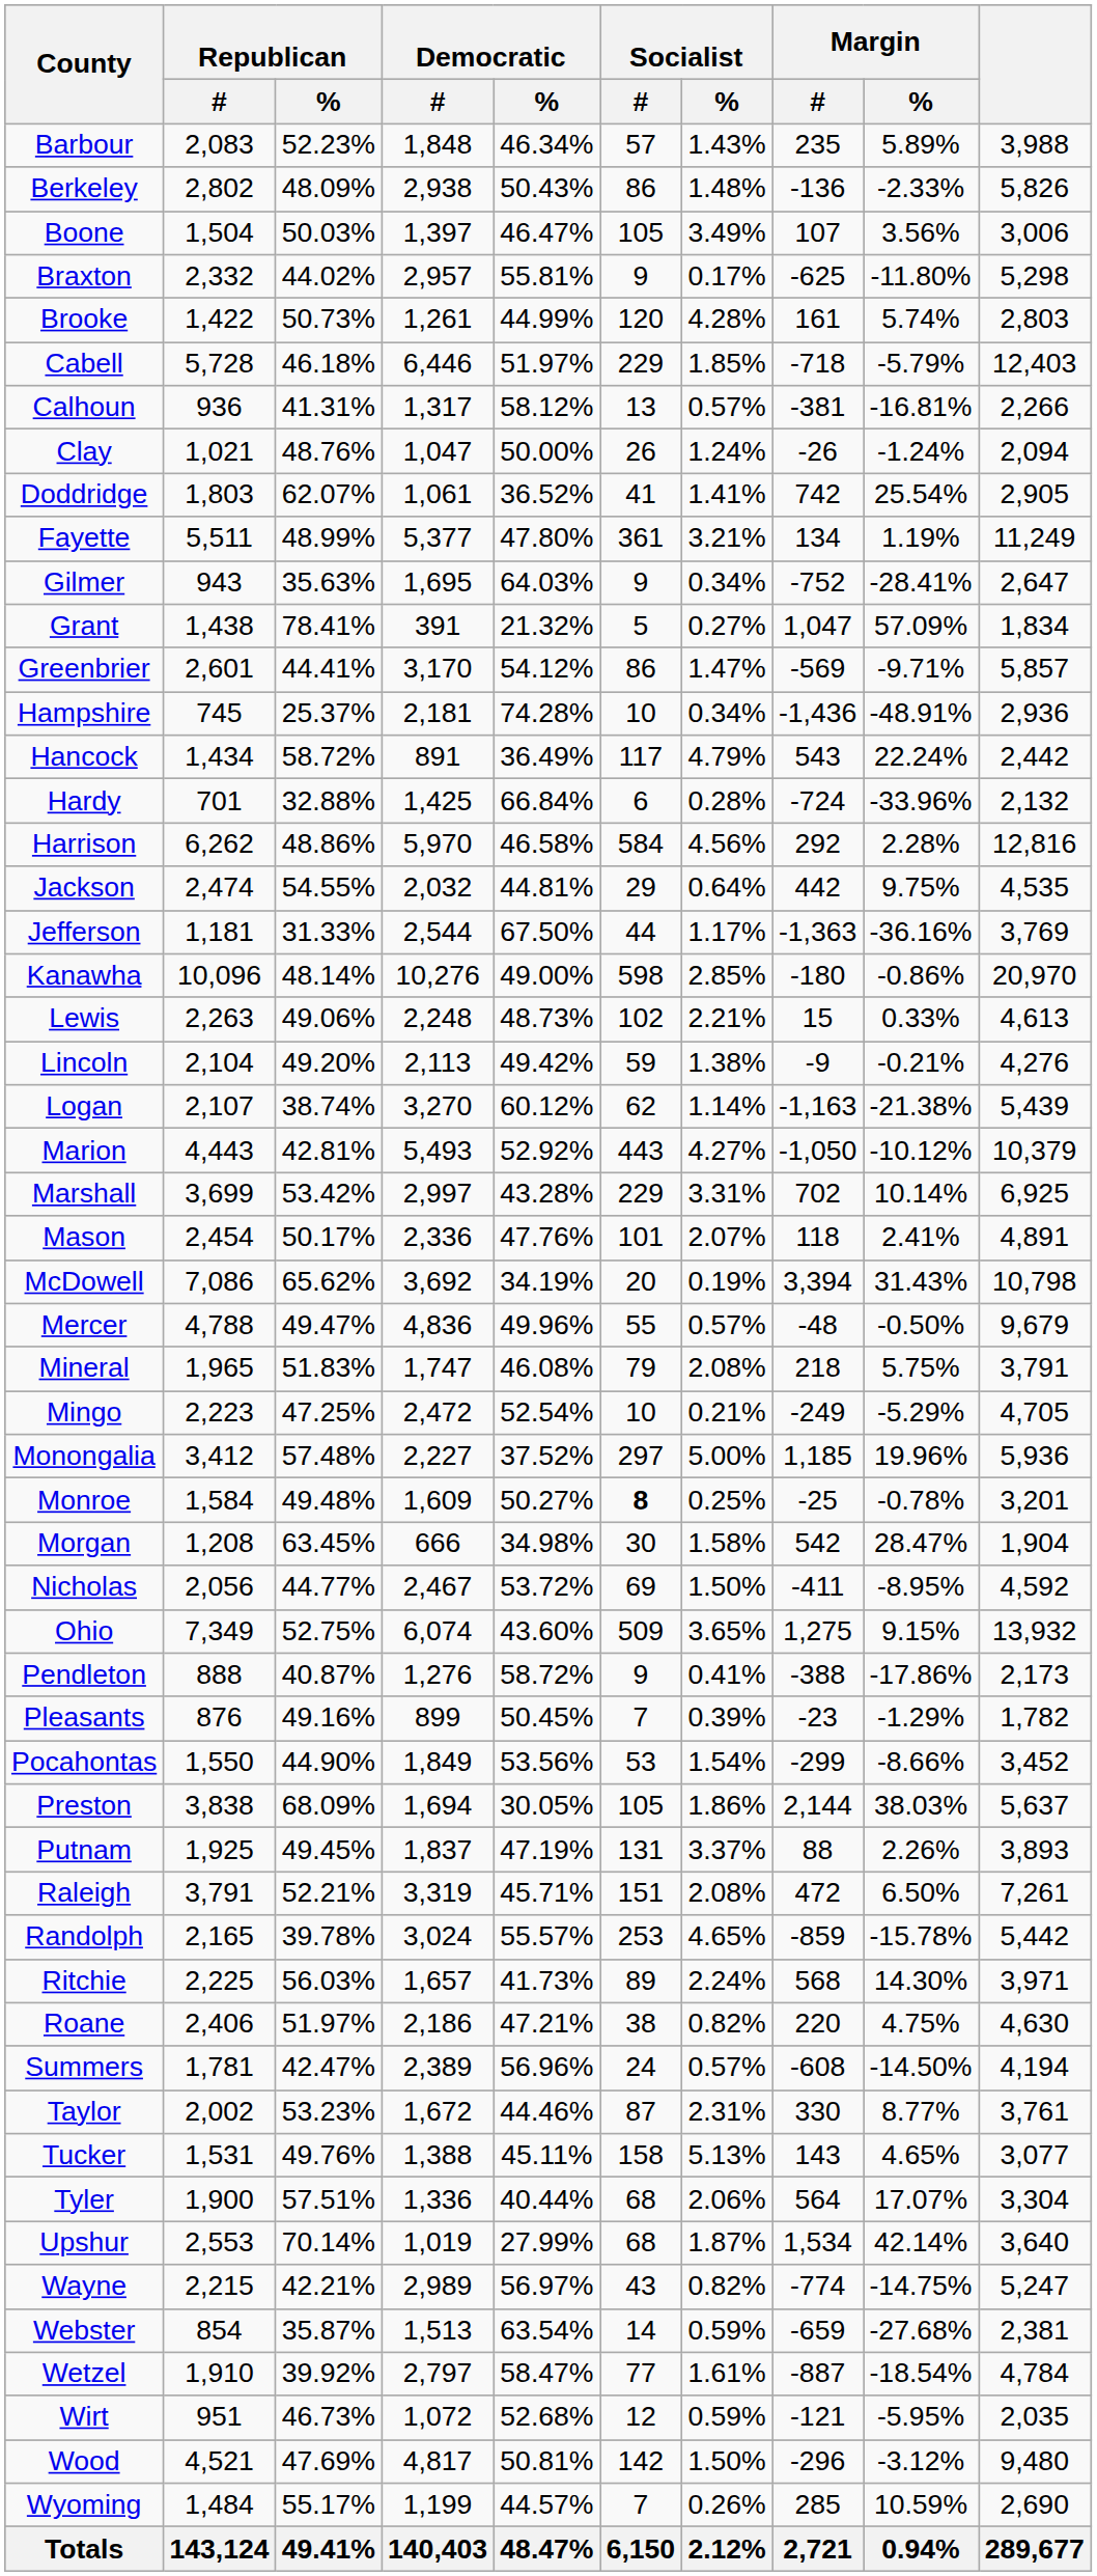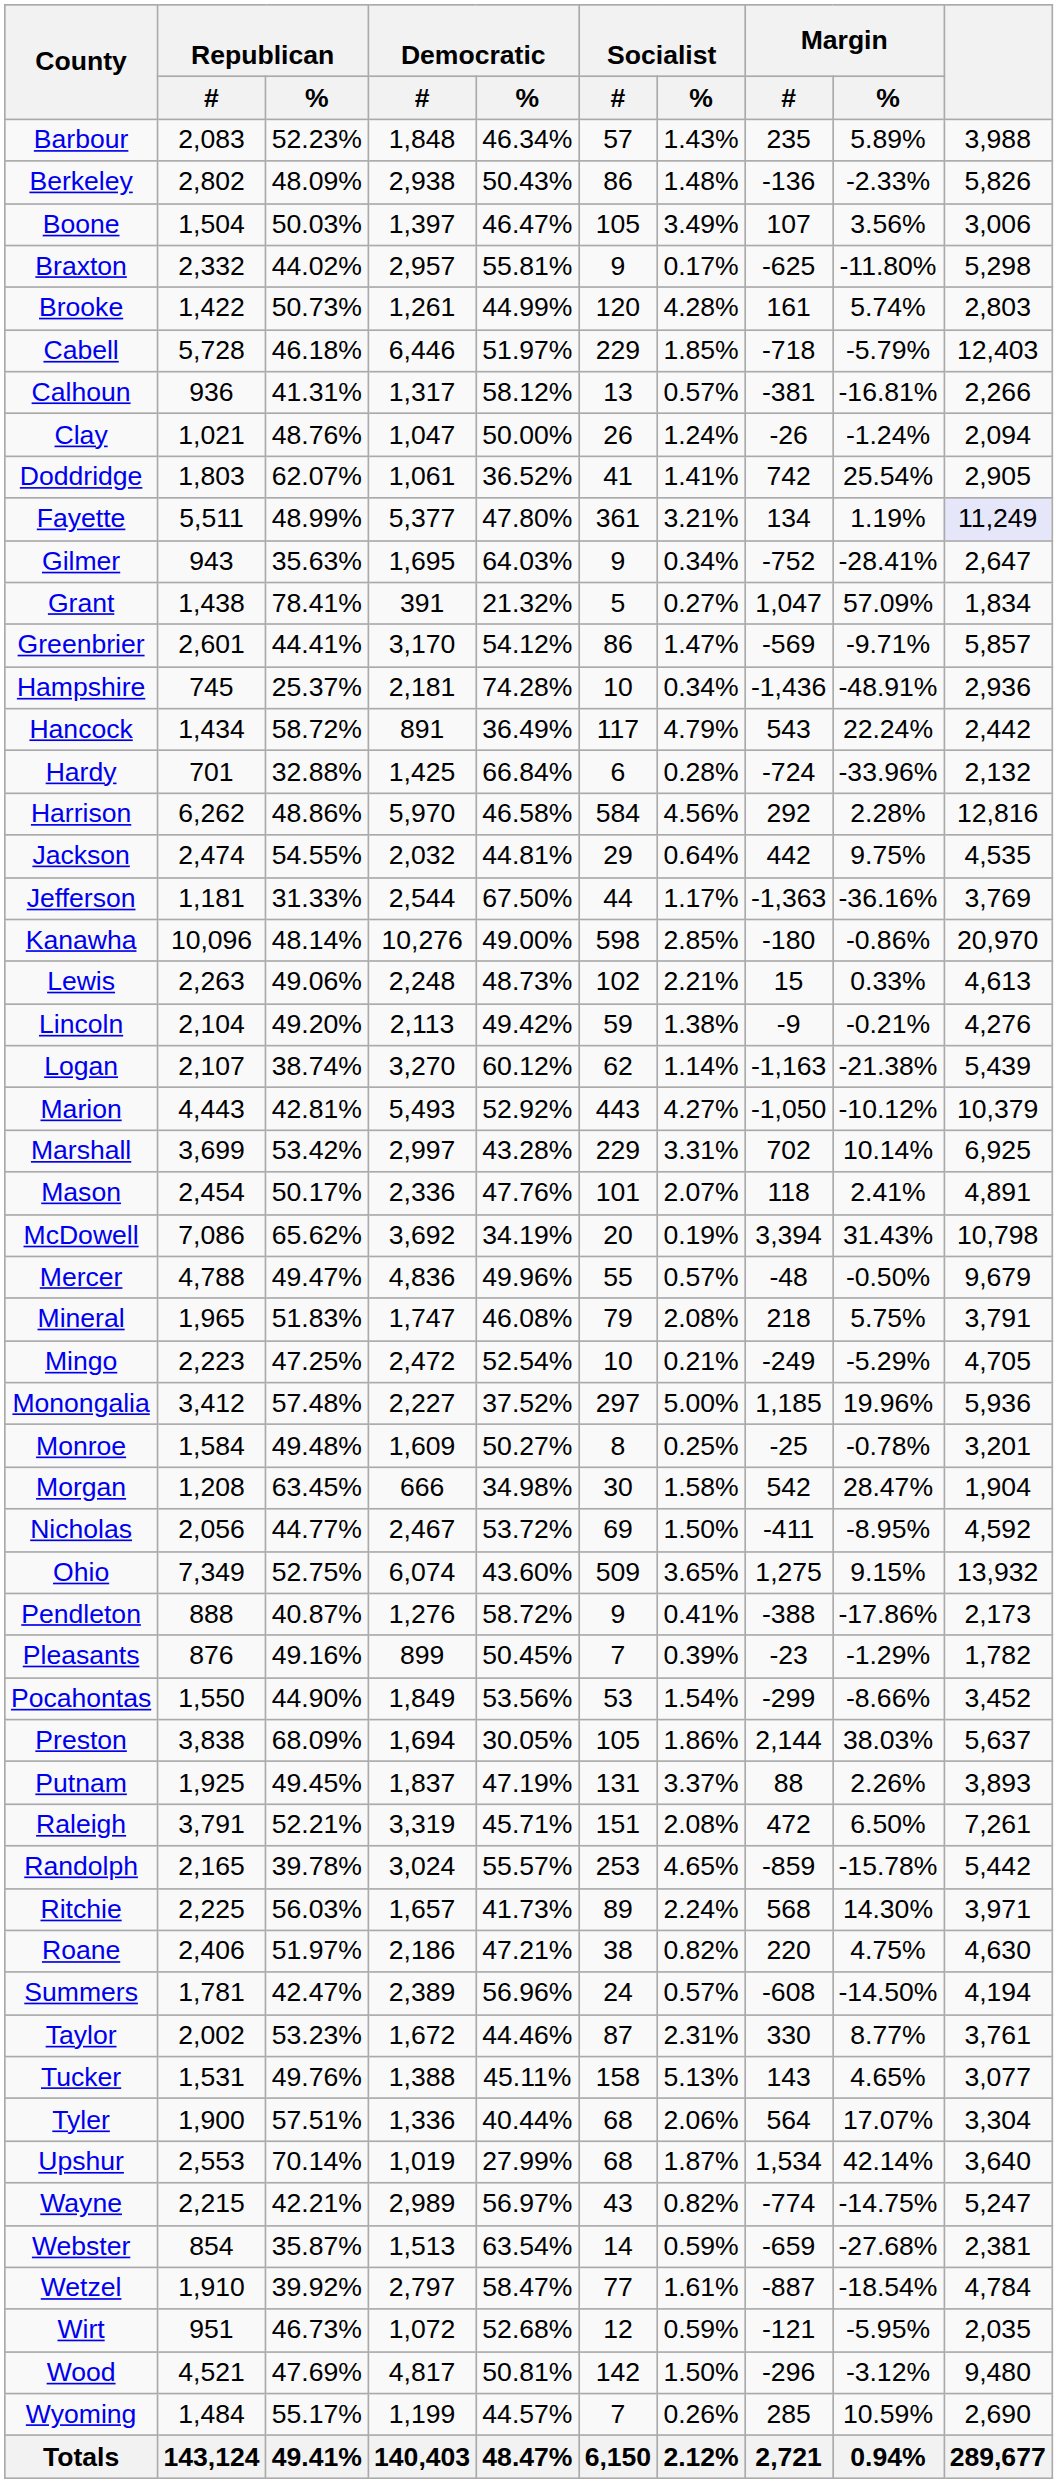 <table class="wikitable sortable mw-collapsible mw-collapsed" style="text-align:center">
 <tr>
 <th rowspan="2">County</th>
 <th colspan="2"><br>Republican</th>
 <th colspan="2"><br>Democratic</th>
 <th colspan="2"><br>Socialist</th>
 <th colspan="2">Margin</th>
 <th rowspan="2"></th>
 </tr>
 <tr>
 <th style="text-align:center;" data-sort-type="number">#</th>
 <th style="text-align:center;" data-sort-type="number">%</th>
 <th style="text-align:center;" data-sort-type="number">#</th>
 <th style="text-align:center;" data-sort-type="number">%</th>
 <th style="text-align:center;" data-sort-type="number">#</th>
 <th style="text-align:center;" data-sort-type="number">%</th>
 <th style="text-align:center;" data-sort-type="number">#</th>
 <th style="text-align:center;" data-sort-type="number">%</th>
 </tr>
 <tr style="text-align:center;">
 <td><a href='#'>Barbour</a></td>
 <td>2,083</td>
 <td>52.23%</td>
 <td>1,848</td>
 <td>46.34%</td>
 <td>57</td>
 <td>1.43%</td>
 <td>235</td>
 <td>5.89%</td>
 <td>3,988</td>
 </tr>
 <tr style="text-align:center;">
 <td><a href='#'>Berkeley</a></td>
 <td>2,802</td>
 <td>48.09%</td>
 <td>2,938</td>
 <td>50.43%</td>
 <td>86</td>
 <td>1.48%</td>
 <td>-136</td>
 <td>-2.33%</td>
 <td>5,826</td>
 </tr>
 <tr style="text-align:center;">
 <td><a href='#'>Boone</a></td>
 <td>1,504</td>
 <td>50.03%</td>
 <td>1,397</td>
 <td>46.47%</td>
 <td>105</td>
 <td>3.49%</td>
 <td>107</td>
 <td>3.56%</td>
 <td>3,006</td>
 </tr>
 <tr style="text-align:center;">
 <td><a href='#'>Braxton</a></td>
 <td>2,332</td>
 <td>44.02%</td>
 <td>2,957</td>
 <td>55.81%</td>
 <td>9</td>
 <td>0.17%</td>
 <td>-625</td>
 <td>-11.80%</td>
 <td>5,298</td>
 </tr>
 <tr style="text-align:center;">
 <td><a href='#'>Brooke</a></td>
 <td>1,422</td>
 <td>50.73%</td>
 <td>1,261</td>
 <td>44.99%</td>
 <td>120</td>
 <td>4.28%</td>
 <td>161</td>
 <td>5.74%</td>
 <td>2,803</td>
 </tr>
 <tr style="text-align:center;">
 <td><a href='#'>Cabell</a></td>
 <td>5,728</td>
 <td>46.18%</td>
 <td>6,446</td>
 <td>51.97%</td>
 <td>229</td>
 <td>1.85%</td>
 <td>-718</td>
 <td>-5.79%</td>
 <td>12,403</td>
 </tr>
 <tr style="text-align:center;">
 <td><a href='#'>Calhoun</a></td>
 <td>936</td>
 <td>41.31%</td>
 <td>1,317</td>
 <td>58.12%</td>
 <td>13</td>
 <td>0.57%</td>
 <td>-381</td>
 <td>-16.81%</td>
 <td>2,266</td>
 </tr>
 <tr style="text-align:center;">
 <td><a href='#'>Clay</a></td>
 <td>1,021</td>
 <td>48.76%</td>
 <td>1,047</td>
 <td>50.00%</td>
 <td>26</td>
 <td>1.24%</td>
 <td>-26</td>
 <td>-1.24%</td>
 <td>2,094</td>
 </tr>
 <tr style="text-align:center;">
 <td><a href='#'>Doddridge</a></td>
 <td>1,803</td>
 <td>62.07%</td>
 <td>1,061</td>
 <td>36.52%</td>
 <td>41</td>
 <td>1.41%</td>
 <td>742</td>
 <td>25.54%</td>
 <td>2,905</td>
 </tr>
 <tr style="text-align:center;">
 <td><a href='#'>Fayette</a></td>
 <td>5,511</td>
 <td>48.99%</td>
 <td>5,377</td>
 <td>47.80%</td>
 <td>361</td>
 <td>3.21%</td>
 <td>134</td>
 <td>1.19%</td>
-<td>11,249</td>
+<td style="background: lavender;">11,249</td>
 </tr>
 <tr style="text-align:center;">
 <td><a href='#'>Gilmer</a></td>
 <td>943</td>
 <td>35.63%</td>
 <td>1,695</td>
 <td>64.03%</td>
 <td>9</td>
 <td>0.34%</td>
 <td>-752</td>
 <td>-28.41%</td>
 <td>2,647</td>
 </tr>
 <tr style="text-align:center;">
 <td><a href='#'>Grant</a></td>
 <td>1,438</td>
 <td>78.41%</td>
 <td>391</td>
 <td>21.32%</td>
 <td>5</td>
 <td>0.27%</td>
 <td>1,047</td>
 <td>57.09%</td>
 <td>1,834</td>
 </tr>
 <tr style="text-align:center;">
 <td><a href='#'>Greenbrier</a></td>
 <td>2,601</td>
 <td>44.41%</td>
 <td>3,170</td>
 <td>54.12%</td>
 <td>86</td>
 <td>1.47%</td>
 <td>-569</td>
 <td>-9.71%</td>
 <td>5,857</td>
 </tr>
 <tr style="text-align:center;">
 <td><a href='#'>Hampshire</a></td>
 <td>745</td>
 <td>25.37%</td>
 <td>2,181</td>
 <td>74.28%</td>
 <td>10</td>
 <td>0.34%</td>
 <td>-1,436</td>
 <td>-48.91%</td>
 <td>2,936</td>
 </tr>
 <tr style="text-align:center;">
 <td><a href='#'>Hancock</a></td>
 <td>1,434</td>
 <td>58.72%</td>
 <td>891</td>
 <td>36.49%</td>
 <td>117</td>
 <td>4.79%</td>
 <td>543</td>
 <td>22.24%</td>
 <td>2,442</td>
 </tr>
 <tr style="text-align:center;">
 <td><a href='#'>Hardy</a></td>
 <td>701</td>
 <td>32.88%</td>
 <td>1,425</td>
 <td>66.84%</td>
 <td>6</td>
 <td>0.28%</td>
 <td>-724</td>
 <td>-33.96%</td>
 <td>2,132</td>
 </tr>
 <tr style="text-align:center;">
 <td><a href='#'>Harrison</a></td>
 <td>6,262</td>
 <td>48.86%</td>
 <td>5,970</td>
 <td>46.58%</td>
 <td>584</td>
 <td>4.56%</td>
 <td>292</td>
 <td>2.28%</td>
 <td>12,816</td>
 </tr>
 <tr style="text-align:center;">
 <td><a href='#'>Jackson</a></td>
 <td>2,474</td>
 <td>54.55%</td>
 <td>2,032</td>
 <td>44.81%</td>
 <td>29</td>
 <td>0.64%</td>
 <td>442</td>
 <td>9.75%</td>
 <td>4,535</td>
 </tr>
 <tr style="text-align:center;">
 <td><a href='#'>Jefferson</a></td>
 <td>1,181</td>
 <td>31.33%</td>
 <td>2,544</td>
 <td>67.50%</td>
 <td>44</td>
 <td>1.17%</td>
 <td>-1,363</td>
 <td>-36.16%</td>
 <td>3,769</td>
 </tr>
 <tr style="text-align:center;">
 <td><a href='#'>Kanawha</a></td>
 <td>10,096</td>
 <td>48.14%</td>
 <td>10,276</td>
 <td>49.00%</td>
 <td>598</td>
 <td>2.85%</td>
 <td>-180</td>
 <td>-0.86%</td>
 <td>20,970</td>
 </tr>
 <tr style="text-align:center;">
 <td><a href='#'>Lewis</a></td>
 <td>2,263</td>
 <td>49.06%</td>
 <td>2,248</td>
 <td>48.73%</td>
 <td>102</td>
 <td>2.21%</td>
 <td>15</td>
 <td>0.33%</td>
 <td>4,613</td>
 </tr>
 <tr style="text-align:center;">
 <td><a href='#'>Lincoln</a></td>
 <td>2,104</td>
 <td>49.20%</td>
 <td>2,113</td>
 <td>49.42%</td>
 <td>59</td>
 <td>1.38%</td>
 <td>-9</td>
 <td>-0.21%</td>
 <td>4,276</td>
 </tr>
 <tr style="text-align:center;">
 <td><a href='#'>Logan</a></td>
 <td>2,107</td>
 <td>38.74%</td>
 <td>3,270</td>
 <td>60.12%</td>
 <td>62</td>
 <td>1.14%</td>
 <td>-1,163</td>
 <td>-21.38%</td>
 <td>5,439</td>
 </tr>
 <tr style="text-align:center;">
 <td><a href='#'>Marion</a></td>
 <td>4,443</td>
 <td>42.81%</td>
 <td>5,493</td>
 <td>52.92%</td>
 <td>443</td>
 <td>4.27%</td>
 <td>-1,050</td>
 <td>-10.12%</td>
 <td>10,379</td>
 </tr>
 <tr style="text-align:center;">
 <td><a href='#'>Marshall</a></td>
 <td>3,699</td>
 <td>53.42%</td>
 <td>2,997</td>
 <td>43.28%</td>
 <td>229</td>
 <td>3.31%</td>
 <td>702</td>
 <td>10.14%</td>
 <td>6,925</td>
 </tr>
 <tr style="text-align:center;">
 <td><a href='#'>Mason</a></td>
 <td>2,454</td>
 <td>50.17%</td>
 <td>2,336</td>
 <td>47.76%</td>
 <td>101</td>
 <td>2.07%</td>
 <td>118</td>
 <td>2.41%</td>
 <td>4,891</td>
 </tr>
 <tr style="text-align:center;">
 <td><a href='#'>McDowell</a></td>
 <td>7,086</td>
 <td>65.62%</td>
 <td>3,692</td>
 <td>34.19%</td>
 <td>20</td>
 <td>0.19%</td>
 <td>3,394</td>
 <td>31.43%</td>
 <td>10,798</td>
 </tr>
 <tr style="text-align:center;">
 <td><a href='#'>Mercer</a></td>
 <td>4,788</td>
 <td>49.47%</td>
 <td>4,836</td>
 <td>49.96%</td>
 <td>55</td>
 <td>0.57%</td>
 <td>-48</td>
 <td>-0.50%</td>
 <td>9,679</td>
 </tr>
 <tr style="text-align:center;">
 <td><a href='#'>Mineral</a></td>
 <td>1,965</td>
 <td>51.83%</td>
 <td>1,747</td>
 <td>46.08%</td>
 <td>79</td>
 <td>2.08%</td>
 <td>218</td>
 <td>5.75%</td>
 <td>3,791</td>
 </tr>
 <tr style="text-align:center;">
 <td><a href='#'>Mingo</a></td>
 <td>2,223</td>
 <td>47.25%</td>
 <td>2,472</td>
 <td>52.54%</td>
 <td>10</td>
 <td>0.21%</td>
 <td>-249</td>
 <td>-5.29%</td>
 <td>4,705</td>
 </tr>
 <tr style="text-align:center;">
 <td><a href='#'>Monongalia</a></td>
 <td>3,412</td>
 <td>57.48%</td>
 <td>2,227</td>
 <td>37.52%</td>
 <td>297</td>
 <td>5.00%</td>
 <td>1,185</td>
 <td>19.96%</td>
 <td>5,936</td>
 </tr>
 <tr style="text-align:center;">
 <td><a href='#'>Monroe</a></td>
 <td>1,584</td>
 <td>49.48%</td>
 <td>1,609</td>
 <td>50.27%</td>
-<td><strong>8</strong></td>
+<td>8</td>
 <td>0.25%</td>
 <td>-25</td>
 <td>-0.78%</td>
 <td>3,201</td>
 </tr>
 <tr style="text-align:center;">
 <td><a href='#'>Morgan</a></td>
 <td>1,208</td>
 <td>63.45%</td>
 <td>666</td>
 <td>34.98%</td>
 <td>30</td>
 <td>1.58%</td>
 <td>542</td>
 <td>28.47%</td>
 <td>1,904</td>
 </tr>
 <tr style="text-align:center;">
 <td><a href='#'>Nicholas</a></td>
 <td>2,056</td>
 <td>44.77%</td>
 <td>2,467</td>
 <td>53.72%</td>
 <td>69</td>
 <td>1.50%</td>
 <td>-411</td>
 <td>-8.95%</td>
 <td>4,592</td>
 </tr>
 <tr style="text-align:center;">
 <td><a href='#'>Ohio</a></td>
 <td>7,349</td>
 <td>52.75%</td>
 <td>6,074</td>
 <td>43.60%</td>
 <td>509</td>
 <td>3.65%</td>
 <td>1,275</td>
 <td>9.15%</td>
 <td>13,932</td>
 </tr>
 <tr style="text-align:center;">
 <td><a href='#'>Pendleton</a></td>
 <td>888</td>
 <td>40.87%</td>
 <td>1,276</td>
 <td>58.72%</td>
 <td>9</td>
 <td>0.41%</td>
 <td>-388</td>
 <td>-17.86%</td>
 <td>2,173</td>
 </tr>
 <tr style="text-align:center;">
 <td><a href='#'>Pleasants</a></td>
 <td>876</td>
 <td>49.16%</td>
 <td>899</td>
 <td>50.45%</td>
 <td>7</td>
 <td>0.39%</td>
 <td>-23</td>
 <td>-1.29%</td>
 <td>1,782</td>
 </tr>
 <tr style="text-align:center;">
 <td><a href='#'>Pocahontas</a></td>
 <td>1,550</td>
 <td>44.90%</td>
 <td>1,849</td>
 <td>53.56%</td>
 <td>53</td>
 <td>1.54%</td>
 <td>-299</td>
 <td>-8.66%</td>
 <td>3,452</td>
 </tr>
 <tr style="text-align:center;">
 <td><a href='#'>Preston</a></td>
 <td>3,838</td>
 <td>68.09%</td>
 <td>1,694</td>
 <td>30.05%</td>
 <td>105</td>
 <td>1.86%</td>
 <td>2,144</td>
 <td>38.03%</td>
 <td>5,637</td>
 </tr>
 <tr style="text-align:center;">
 <td><a href='#'>Putnam</a></td>
 <td>1,925</td>
 <td>49.45%</td>
 <td>1,837</td>
 <td>47.19%</td>
 <td>131</td>
 <td>3.37%</td>
 <td>88</td>
 <td>2.26%</td>
 <td>3,893</td>
 </tr>
 <tr style="text-align:center;">
 <td><a href='#'>Raleigh</a></td>
 <td>3,791</td>
 <td>52.21%</td>
 <td>3,319</td>
 <td>45.71%</td>
 <td>151</td>
 <td>2.08%</td>
 <td>472</td>
 <td>6.50%</td>
 <td>7,261</td>
 </tr>
 <tr style="text-align:center;">
 <td><a href='#'>Randolph</a></td>
 <td>2,165</td>
 <td>39.78%</td>
 <td>3,024</td>
 <td>55.57%</td>
 <td>253</td>
 <td>4.65%</td>
 <td>-859</td>
 <td>-15.78%</td>
 <td>5,442</td>
 </tr>
 <tr style="text-align:center;">
 <td><a href='#'>Ritchie</a></td>
 <td>2,225</td>
 <td>56.03%</td>
 <td>1,657</td>
 <td>41.73%</td>
 <td>89</td>
 <td>2.24%</td>
 <td>568</td>
 <td>14.30%</td>
 <td>3,971</td>
 </tr>
 <tr style="text-align:center;">
 <td><a href='#'>Roane</a></td>
 <td>2,406</td>
 <td>51.97%</td>
 <td>2,186</td>
 <td>47.21%</td>
 <td>38</td>
 <td>0.82%</td>
 <td>220</td>
 <td>4.75%</td>
 <td>4,630</td>
 </tr>
 <tr style="text-align:center;">
 <td><a href='#'>Summers</a></td>
 <td>1,781</td>
 <td>42.47%</td>
 <td>2,389</td>
 <td>56.96%</td>
 <td>24</td>
 <td>0.57%</td>
 <td>-608</td>
 <td>-14.50%</td>
 <td>4,194</td>
 </tr>
 <tr style="text-align:center;">
 <td><a href='#'>Taylor</a></td>
 <td>2,002</td>
 <td>53.23%</td>
 <td>1,672</td>
 <td>44.46%</td>
 <td>87</td>
 <td>2.31%</td>
 <td>330</td>
 <td>8.77%</td>
 <td>3,761</td>
 </tr>
 <tr style="text-align:center;">
 <td><a href='#'>Tucker</a></td>
 <td>1,531</td>
 <td>49.76%</td>
 <td>1,388</td>
 <td>45.11%</td>
 <td>158</td>
 <td>5.13%</td>
 <td>143</td>
 <td>4.65%</td>
 <td>3,077</td>
 </tr>
 <tr style="text-align:center;">
 <td><a href='#'>Tyler</a></td>
 <td>1,900</td>
 <td>57.51%</td>
 <td>1,336</td>
 <td>40.44%</td>
 <td>68</td>
 <td>2.06%</td>
 <td>564</td>
 <td>17.07%</td>
 <td>3,304</td>
 </tr>
 <tr style="text-align:center;">
 <td><a href='#'>Upshur</a></td>
 <td>2,553</td>
 <td>70.14%</td>
 <td>1,019</td>
 <td>27.99%</td>
 <td>68</td>
 <td>1.87%</td>
 <td>1,534</td>
 <td>42.14%</td>
 <td>3,640</td>
 </tr>
 <tr style="text-align:center;">
 <td><a href='#'>Wayne</a></td>
 <td>2,215</td>
 <td>42.21%</td>
 <td>2,989</td>
 <td>56.97%</td>
 <td>43</td>
 <td>0.82%</td>
 <td>-774</td>
 <td>-14.75%</td>
 <td>5,247</td>
 </tr>
 <tr style="text-align:center;">
 <td><a href='#'>Webster</a></td>
 <td>854</td>
 <td>35.87%</td>
 <td>1,513</td>
 <td>63.54%</td>
 <td>14</td>
 <td>0.59%</td>
 <td>-659</td>
 <td>-27.68%</td>
 <td>2,381</td>
 </tr>
 <tr style="text-align:center;">
 <td><a href='#'>Wetzel</a></td>
 <td>1,910</td>
 <td>39.92%</td>
 <td>2,797</td>
 <td>58.47%</td>
 <td>77</td>
 <td>1.61%</td>
 <td>-887</td>
 <td>-18.54%</td>
 <td>4,784</td>
 </tr>
 <tr style="text-align:center;">
 <td><a href='#'>Wirt</a></td>
 <td>951</td>
 <td>46.73%</td>
 <td>1,072</td>
 <td>52.68%</td>
 <td>12</td>
 <td>0.59%</td>
 <td>-121</td>
 <td>-5.95%</td>
 <td>2,035</td>
 </tr>
 <tr style="text-align:center;">
 <td><a href='#'>Wood</a></td>
 <td>4,521</td>
 <td>47.69%</td>
 <td>4,817</td>
 <td>50.81%</td>
 <td>142</td>
 <td>1.50%</td>
 <td>-296</td>
 <td>-3.12%</td>
 <td>9,480</td>
 </tr>
 <tr style="text-align:center;">
 <td><a href='#'>Wyoming</a></td>
 <td>1,484</td>
 <td>55.17%</td>
 <td>1,199</td>
 <td>44.57%</td>
 <td>7</td>
 <td>0.26%</td>
 <td>285</td>
 <td>10.59%</td>
 <td>2,690</td>
 </tr>
 <tr>
 <th>Totals</th>
 <th>143,124</th>
 <th>49.41%</th>
 <th>140,403</th>
 <th>48.47%</th>
 <th>6,150</th>
 <th>2.12%</th>
 <th>2,721</th>
 <th>0.94%</th>
 <th>289,677</th>
 </tr>
 </table>
